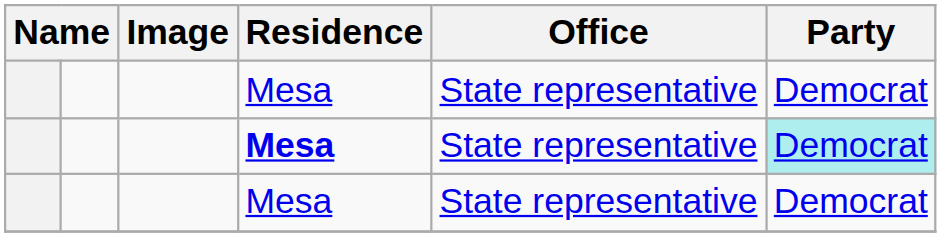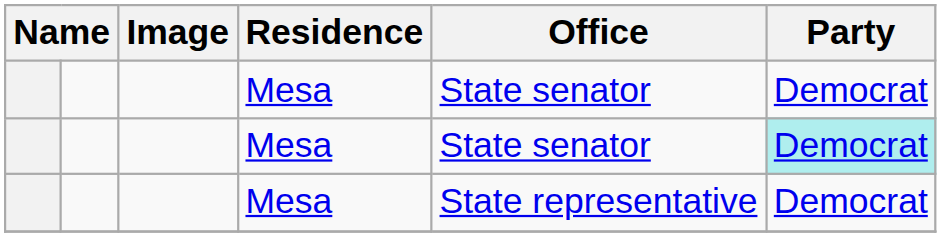 <table class="sortable wikitable">
 <tr valign=bottom>
 <th colspan="2">Name</th>
 <th>Image</th>
 <th>Residence</th>
 <th>Office</th>
 <th>Party</th>
 </tr>
 <tr>
 <th style="background-color:  "></th>
 <td></td>
 <td></td>
 <td><a href='#'>Mesa</a></td>
-<td><a href='#'>State representative</a></td>
+<td><a href='#'>State senator</a></td>
 <td><a href='#'>Democrat</a></td>
 </tr>
 <tr>
 <th style="background-color:  "></th>
 <td></td>
 <td></td>
-<td><strong><a href='#'>Mesa</a></strong></td>
-<td><a href='#'>State representative</a></td>
+<td><a href='#'>Mesa</a></td>
+<td><a href='#'>State senator</a></td>
 <td style="background: paleturquoise;"><a href='#'>Democrat</a></td>
 </tr>
 <tr>
 <th style="background-color:  "></th>
 <td></td>
 <td></td>
 <td><a href='#'>Mesa</a></td>
 <td><a href='#'>State representative</a></td>
 <td><a href='#'>Democrat</a></td>
 </tr>
 <tr>
 </tr>
 </table>
